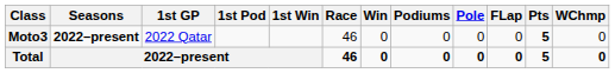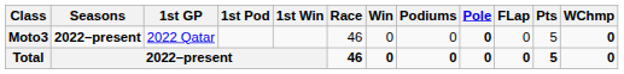 <table class="wikitable" style=text-align:right>
 <tr>
 <th>Class</th>
 <th>Seasons</th>
 <th>1st GP</th>
 <th>1st Pod</th>
 <th>1st Win</th>
 <th>Race</th>
 <th>Win</th>
 <th>Podiums</th>
 <th><a href='#'>Pole</a></th>
 <th>FLap</th>
 <th>Pts</th>
 <th>WChmp</th>
 </tr>
 <tr>
 <th>Moto3</th>
 <td><strong>2022–present</strong></td>
 <td align=left><a href='#'>2022 Qatar</a></td>
 <td align=left></td>
 <td align=left></td>
 <td>46</td>
 <td>0</td>
 <td>0</td>
+<td><strong>0</strong></td>
 <td>0</td>
-<td>0</td>
-<td><strong>5</strong></td>
-<td>0</td>
+<td>5</td>
+<td><strong>0</strong></td>
 </tr>
 <tr>
 <th>Total</th>
 <th colspan=4>2022–present</th>
 <td><strong>46</strong></td>
 <td><strong>0</strong></td>
 <td><strong>0</strong></td>
 <td><strong>0</strong></td>
 <td><strong>0</strong></td>
 <td><strong>5</strong></td>
 <td><strong>0</strong></td>
 </tr>
 </table>
